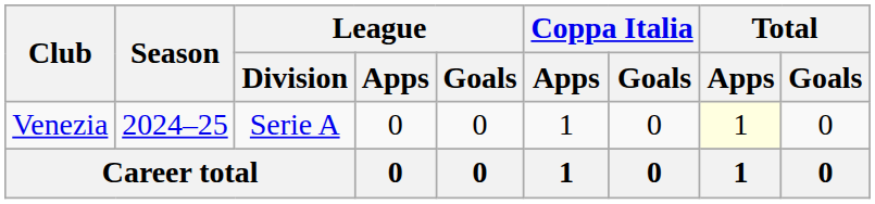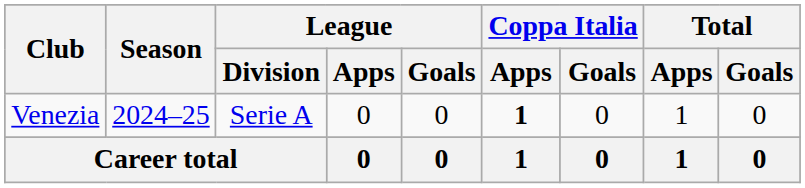 <table class="wikitable" style="text-align:center">
 <tr>
 <th rowspan="2">Club</th>
 <th rowspan="2">Season</th>
 <th colspan="3">League</th>
 <th colspan="2"><a href='#'>Coppa Italia</a></th>
 <th colspan="2">Total</th>
 </tr>
 <tr>
 <th>Division</th>
 <th>Apps</th>
 <th>Goals</th>
 <th>Apps</th>
 <th>Goals</th>
 <th>Apps</th>
 <th>Goals</th>
 </tr>
 <tr>
 <td><a href='#'>Venezia</a></td>
 <td><a href='#'>2024–25</a></td>
 <td><a href='#'>Serie A</a></td>
 <td>0</td>
 <td>0</td>
+<td><strong>1</strong></td>
+<td>0</td>
 <td>1</td>
-<td>0</td>
-<td style="background: lightyellow;">1</td>
 <td>0</td>
 </tr>
 <tr>
 <th colspan="3">Career total</th>
 <th>0</th>
 <th>0</th>
 <th>1</th>
 <th>0</th>
 <th>1</th>
 <th>0</th>
 </tr>
 </table>
